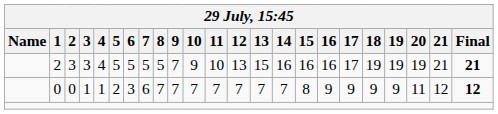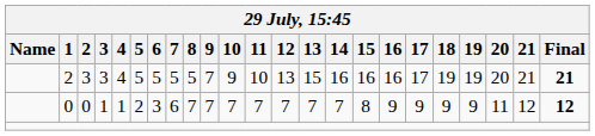 <table class=wikitable style="text-align:center; width: 55%">
 <tr>
 <th colspan=23><em>29 July, 15:45</em></th>
 </tr>
 <tr>
 <th>Name</th>
 <th>1</th>
 <th>2</th>
 <th>3</th>
 <th>4</th>
 <th>5</th>
 <th>6</th>
 <th>7</th>
 <th>8</th>
 <th>9</th>
 <th>10</th>
 <th>11</th>
 <th>12</th>
 <th>13</th>
 <th>14</th>
 <th>15</th>
 <th>16</th>
 <th>17</th>
 <th>18</th>
 <th>19</th>
 <th>20</th>
 <th>21</th>
 <th>Final</th>
 </tr>
 <tr>
 <td align=left><strong></strong></td>
 <td>2</td>
 <td>3</td>
 <td>3</td>
 <td>4</td>
 <td>5</td>
 <td>5</td>
 <td>5</td>
 <td>5</td>
 <td>7</td>
 <td>9</td>
 <td>10</td>
 <td>13</td>
 <td>15</td>
 <td>16</td>
 <td>16</td>
 <td>16</td>
 <td>17</td>
 <td>19</td>
 <td>19</td>
-<td>19</td>
+<td>20</td>
 <td>21</td>
 <td><strong>21</strong></td>
 </tr>
 <tr>
 <td align=left></td>
 <td>0</td>
 <td>0</td>
 <td>1</td>
 <td>1</td>
 <td>2</td>
 <td>3</td>
 <td>6</td>
 <td>7</td>
 <td>7</td>
 <td>7</td>
 <td>7</td>
 <td>7</td>
 <td>7</td>
 <td>7</td>
 <td>8</td>
 <td>9</td>
 <td>9</td>
 <td>9</td>
 <td>9</td>
 <td>11</td>
 <td>12</td>
 <td><strong>12</strong></td>
 </tr>
 <tr>
 <td colspan=23></td>
 </tr>
 </table>
